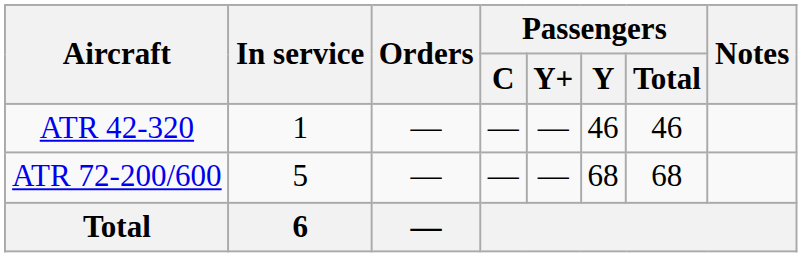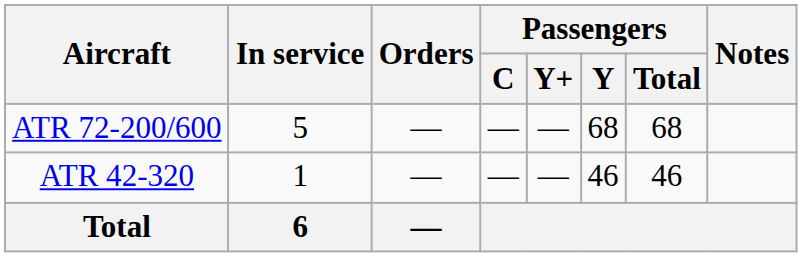 <table class="wikitable" style="border-collapse:collapse;text-align:center">
 <tr>
 <th rowspan=2>Aircraft</th>
 <th rowspan=2>In service</th>
 <th rowspan=2>Orders</th>
 <th colspan=4>Passengers</th>
 <th rowspan=2>Notes</th>
 </tr>
 <tr>
 <th><abbr>C</abbr></th>
 <th><abbr>Y+</abbr></th>
 <th><abbr>Y</abbr></th>
 <th>Total</th>
 </tr>
 <tr>
+<td><a href='#'>ATR 72-200/600</a></td>
+<td>5</td>
+<td>—</td>
+<td>—</td>
+<td>—</td>
+<td>68</td>
+<td>68</td>
+<td></td>
+</tr>
+<tr>
 <td><a href='#'>ATR 42-320</a></td>
 <td>1</td>
 <td>—</td>
 <td>—</td>
 <td>—</td>
 <td>46</td>
 <td>46</td>
 <td></td>
 </tr>
 <tr>
-<td><a href='#'>ATR 72-200/600</a></td>
-<td>5</td>
-<td>—</td>
-<td>—</td>
-<td>—</td>
-<td>68</td>
-<td>68</td>
-<td></td>
-</tr>
-<tr>
 <th>Total</th>
 <th>6</th>
 <th>—</th>
 <th colspan=5></th>
 </tr>
 </table>
